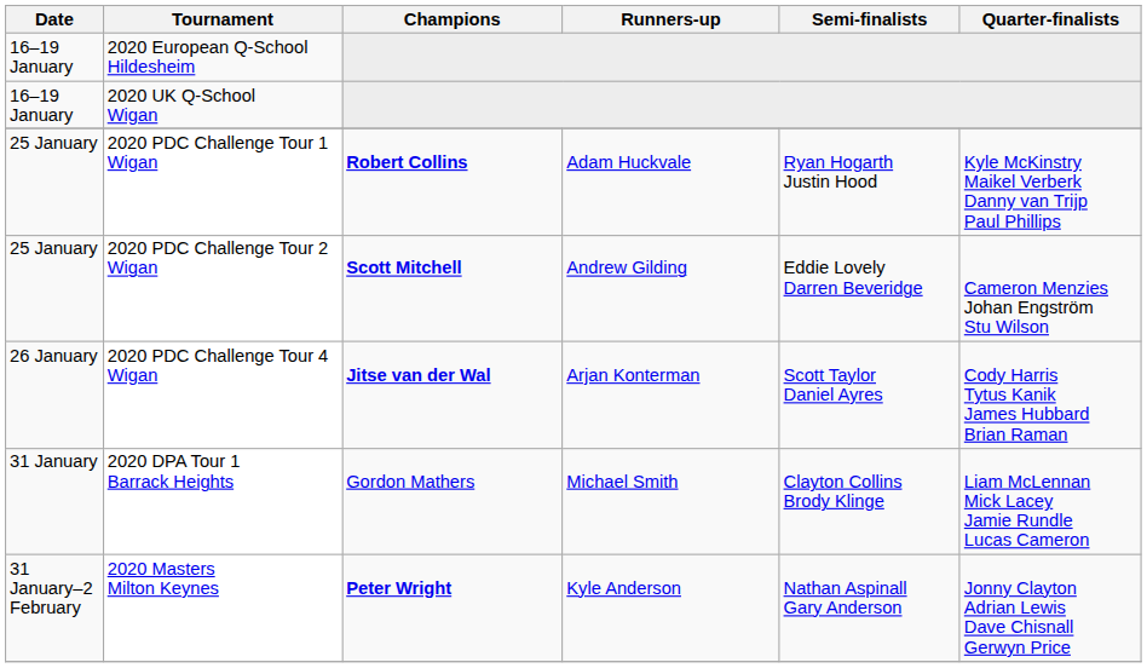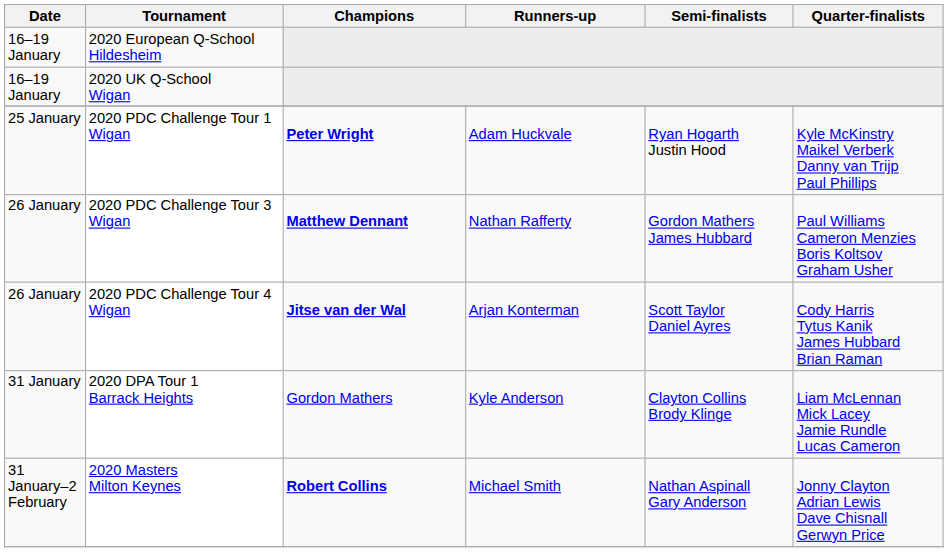 <table class=wikitable style=font-size:85%>
 <tr>
 <th width=75>Date</th>
 <th width=230>Tournament</th>
 <th width=210>Champions</th>
 <th width=210>Runners-up</th>
 <th width=170>Semi-finalists</th>
 <th width=170>Quarter-finalists</th>
 </tr>
 <tr valign="top">
 <td rowspan=1>16–19 January</td>
 <td>2020 European Q-School <br> <a href='#'>Hildesheim</a></td>
 <td colspan=4 bgcolor="#ededed"></td>
 </tr>
 <tr valign="top">
 <td rowspan=1>16–19 January</td>
 <td>2020 UK Q-School <br> <a href='#'>Wigan</a></td>
 <td colspan=4 bgcolor="#ededed"></td>
 </tr>
 <tr valign="top">
 </tr>
 <tr valign="top">
 <td>25 January</td>
 <td bgcolor="#ffffff">2020 PDC Challenge Tour 1<br> <a href='#'>Wigan</a></td>
-<td><br> <strong><a href='#'>Robert Collins</a></strong></td>
+<td><br> <strong><a href='#'>Peter Wright</a></strong></td>
 <td><br> <a href='#'>Adam Huckvale</a></td>
 <td><br> <a href='#'>Ryan Hogarth</a> <br>  Justin Hood</td>
 <td><br> <a href='#'>Kyle McKinstry</a> <br>  <a href='#'>Maikel Verberk</a><br>  <a href='#'>Danny van Trijp</a> <br>  <a href='#'>Paul Phillips</a></td>
 </tr>
 <tr valign="top">
-<td>25 January</td>
-<td bgcolor="#ffffff">2020 PDC Challenge Tour 2<br> <a href='#'>Wigan</a></td>
-<td><br> <strong><a href='#'>Scott Mitchell</a></strong></td>
-<td><br> <a href='#'>Andrew Gilding</a></td>
-<td><br> Eddie Lovely <br>  <a href='#'>Darren Beveridge</a></td>
-<td><br>  <br>  <a href='#'>Cameron Menzies</a> <br>  Johan Engström <br>  <a href='#'>Stu Wilson</a></td>
+<td>26 January</td>
+<td bgcolor="#ffffff">2020 PDC Challenge Tour 3<br> <a href='#'>Wigan</a></td>
+<td><br> <strong><a href='#'>Matthew Dennant</a></strong></td>
+<td><br> <a href='#'>Nathan Rafferty</a></td>
+<td><br> <a href='#'>Gordon Mathers</a> <br>  <a href='#'>James Hubbard</a></td>
+<td><br> <a href='#'>Paul Williams</a> <br>  <a href='#'>Cameron Menzies</a> <br>  <a href='#'>Boris Koltsov</a> <br>  <a href='#'>Graham Usher</a></td>
 </tr>
 <tr valign="top">
 <td>26 January</td>
 <td bgcolor="#ffffff">2020 PDC Challenge Tour 4<br> <a href='#'>Wigan</a></td>
 <td><br> <strong><a href='#'>Jitse van der Wal</a></strong></td>
 <td><br> <a href='#'>Arjan Konterman</a></td>
 <td><br> <a href='#'>Scott Taylor</a> <br>  <a href='#'>Daniel Ayres</a></td>
 <td><br> <a href='#'>Cody Harris</a> <br>  <a href='#'>Tytus Kanik</a> <br>  <a href='#'>James Hubbard</a> <br>  <a href='#'>Brian Raman</a></td>
 </tr>
 <tr valign="top">
 <td>31 January</td>
 <td bgcolor="#ffffff">2020 DPA Tour 1<br> <a href='#'>Barrack Heights</a></td>
 <td><br> <a href='#'>Gordon Mathers</a></td>
-<td><br> <a href='#'>Michael Smith</a></td>
+<td><br> <a href='#'>Kyle Anderson</a></td>
 <td><br> <a href='#'>Clayton Collins</a> <br>  <a href='#'>Brody Klinge</a></td>
 <td><br> <a href='#'>Liam McLennan</a> <br>  <a href='#'>Mick Lacey</a> <br>  <a href='#'>Jamie Rundle</a> <br>  <a href='#'>Lucas Cameron</a></td>
 </tr>
 <tr valign="top">
 <td>31 January–2 February</td>
 <td bgcolor="#ffffff"><a href='#'>2020 Masters</a><br> <a href='#'>Milton Keynes</a></td>
-<td><br> <strong><a href='#'>Peter Wright</a></strong></td>
-<td><br> <a href='#'>Kyle Anderson</a></td>
+<td><br> <strong><a href='#'>Robert Collins</a></strong></td>
+<td><br> <a href='#'>Michael Smith</a></td>
 <td><br> <a href='#'>Nathan Aspinall</a> <br>  <a href='#'>Gary Anderson</a></td>
 <td><br> <a href='#'>Jonny Clayton</a> <br>  <a href='#'>Adrian Lewis</a> <br>  <a href='#'>Dave Chisnall</a> <br>  <a href='#'>Gerwyn Price</a></td>
 </tr>
 <tr valign="top">
 </tr>
 </table>
